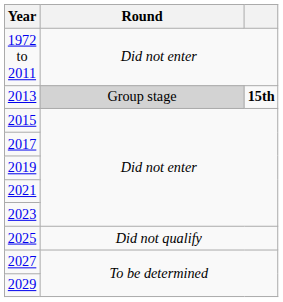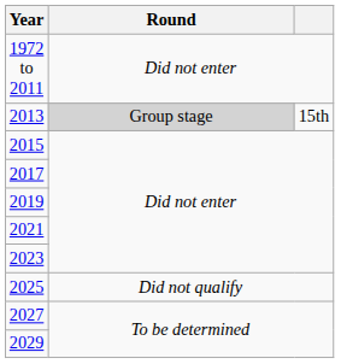 <table class="wikitable" style="text-align: center; font-size:90%">
 <tr>
 <th>Year</th>
 <th style="width:200px">Round</th>
 <th></th>
 </tr>
 <tr>
 <td><a href='#'>1972</a><br>to<br><a href='#'>2011</a></td>
 <td colspan="2"><em>Did not enter</em></td>
 </tr>
 <tr>
 <td><a href='#'>2013</a></td>
 <td style="background: lightgrey;">Group stage</td>
-<td><strong>15th</strong></td>
+<td>15th</td>
 </tr>
 <tr>
 <td><a href='#'>2015</a></td>
 <td colspan="2" rowspan="5"><em>Did not enter</em></td>
 </tr>
 <tr>
 <td><a href='#'>2017</a></td>
 </tr>
 <tr>
 <td><a href='#'>2019</a></td>
 </tr>
 <tr>
 <td><a href='#'>2021</a></td>
 </tr>
 <tr>
 <td><a href='#'>2023</a></td>
 </tr>
 <tr>
 <td><a href='#'>2025</a></td>
 <td colspan="2"><em>Did not qualify</em></td>
 </tr>
 <tr>
 <td><a href='#'>2027</a></td>
 <td colspan="2" rowspan="2"><em>To be determined</em></td>
 </tr>
 <tr>
 <td><a href='#'>2029</a></td>
 </tr>
 </table>
